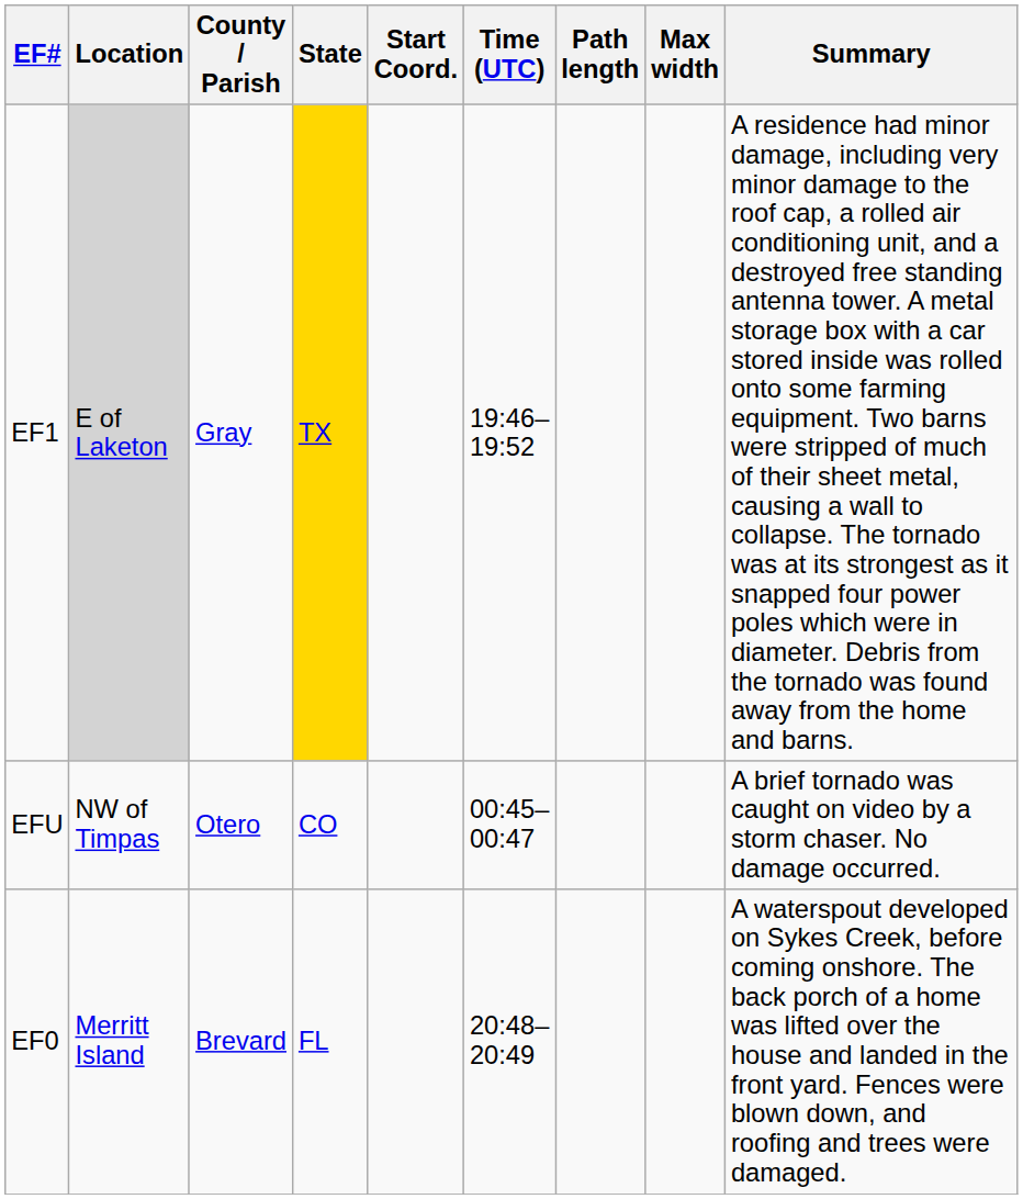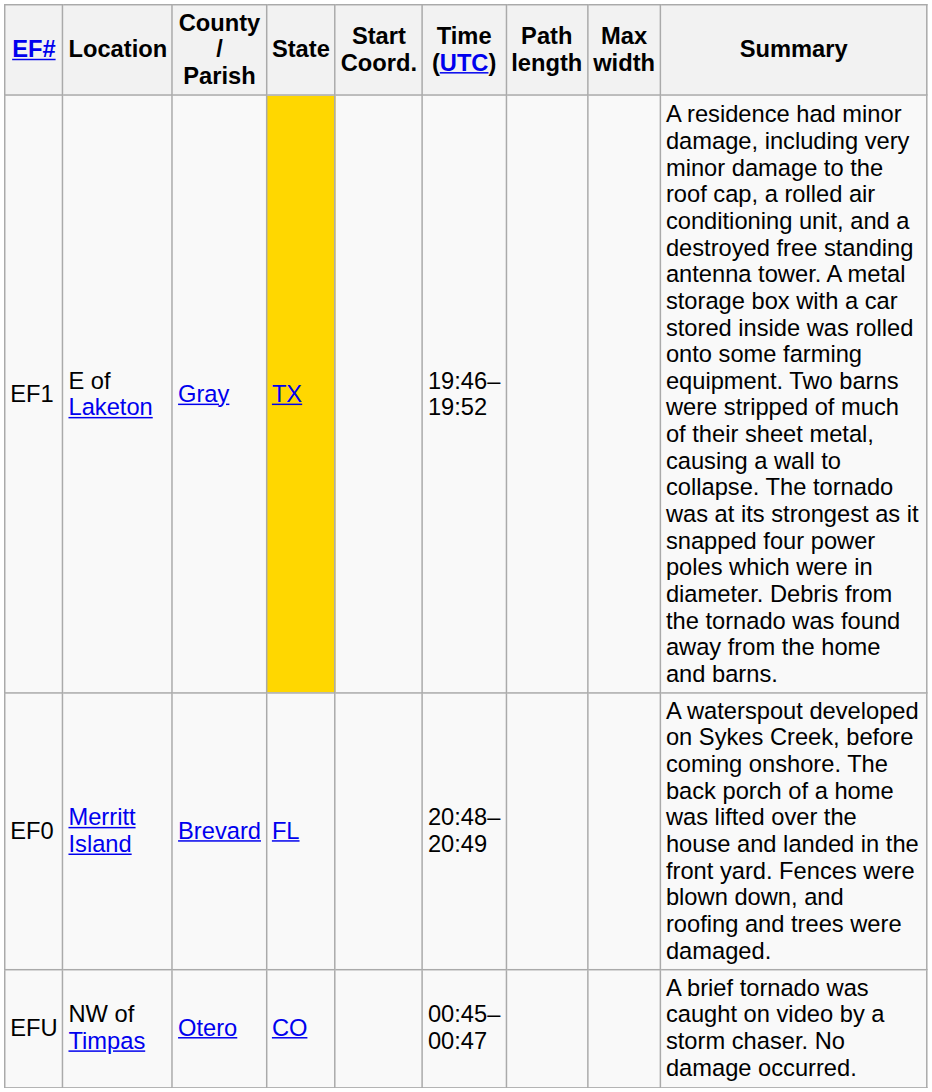 <table class="wikitable sortable" style="width:100%;">
 <tr>
 <th scope="col"  style="width:3%; text-align:center;"><a href='#'>EF#</a></th>
 <th scope="col"  style="width:7%; text-align:center;" class="unsortable">Location</th>
 <th scope="col"  style="width:6%; text-align:center;" class="unsortable">County / Parish</th>
 <th scope="col"  style="width:5%; text-align:center;">State</th>
 <th scope="col"  style="width:6%; text-align:center;">Start Coord.</th>
 <th scope="col"  style="width:6%; text-align:center;">Time (<a href='#'>UTC</a>)</th>
 <th scope="col"  style="width:6%; text-align:center;">Path length</th>
 <th scope="col"  style="width:6%; text-align:center;">Max width</th>
 <th scope="col" class="unsortable" style="width:48%; text-align:center;">Summary</th>
 </tr>
 <tr>
 <td>EF1</td>
-<td style="background: lightgrey;">E of <a href='#'>Laketon</a></td>
+<td>E of <a href='#'>Laketon</a></td>
 <td><a href='#'>Gray</a></td>
 <td style="background: gold;"><a href='#'>TX</a></td>
 <td></td>
 <td>19:46–19:52</td>
 <td></td>
 <td></td>
 <td>A residence had minor damage, including very minor damage to the roof cap, a rolled air conditioning unit, and a destroyed free standing antenna tower. A metal storage box with a car stored inside was rolled onto some farming equipment. Two barns were stripped of much of their sheet metal, causing a wall to collapse. The tornado was at its strongest as it snapped four power poles which were  in diameter. Debris from the tornado was found  away from the home and barns.</td>
+</tr>
+<tr>
+<td>EF0</td>
+<td><a href='#'>Merritt Island</a></td>
+<td><a href='#'>Brevard</a></td>
+<td><a href='#'>FL</a></td>
+<td></td>
+<td>20:48–20:49</td>
+<td></td>
+<td></td>
+<td>A waterspout developed on Sykes Creek, before coming onshore. The back porch of a home was lifted over the house and landed in the front yard. Fences were blown down, and roofing and trees were damaged.</td>
 </tr>
 <tr>
 <td>EFU</td>
 <td>NW of <a href='#'>Timpas</a></td>
 <td><a href='#'>Otero</a></td>
 <td><a href='#'>CO</a></td>
 <td></td>
 <td>00:45–00:47</td>
 <td></td>
 <td></td>
 <td>A brief tornado was caught on video by a storm chaser. No damage occurred.</td>
 </tr>
 <tr>
-<td>EF0</td>
-<td><a href='#'>Merritt Island</a></td>
-<td><a href='#'>Brevard</a></td>
-<td><a href='#'>FL</a></td>
-<td></td>
-<td>20:48–20:49</td>
-<td></td>
-<td></td>
-<td>A waterspout developed on Sykes Creek, before coming onshore. The back porch of a home was lifted over the house and landed in the front yard. Fences were blown down, and roofing and trees were damaged.</td>
-</tr>
-<tr>
 </tr>
 </table>
